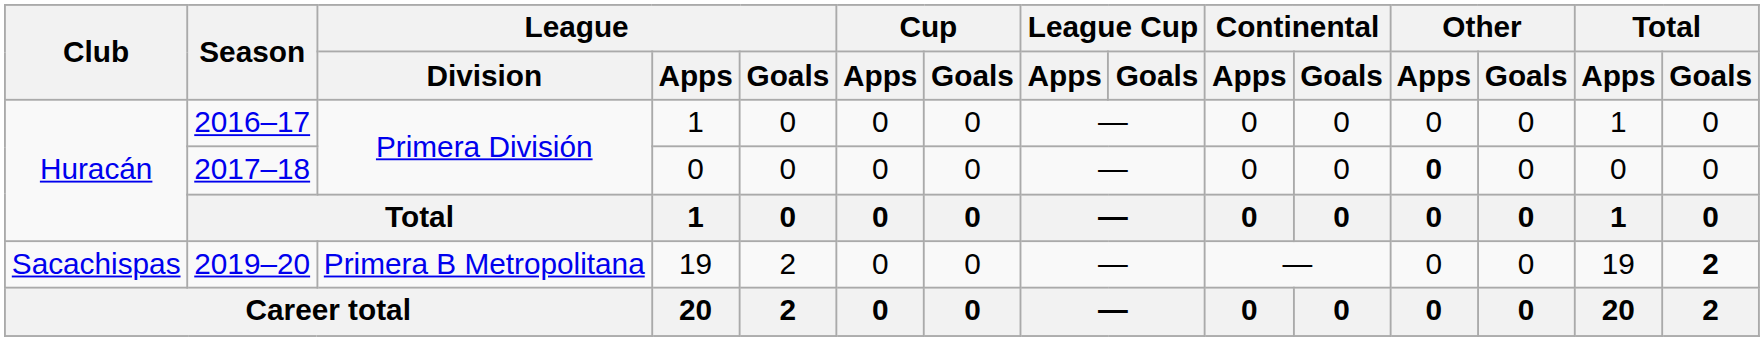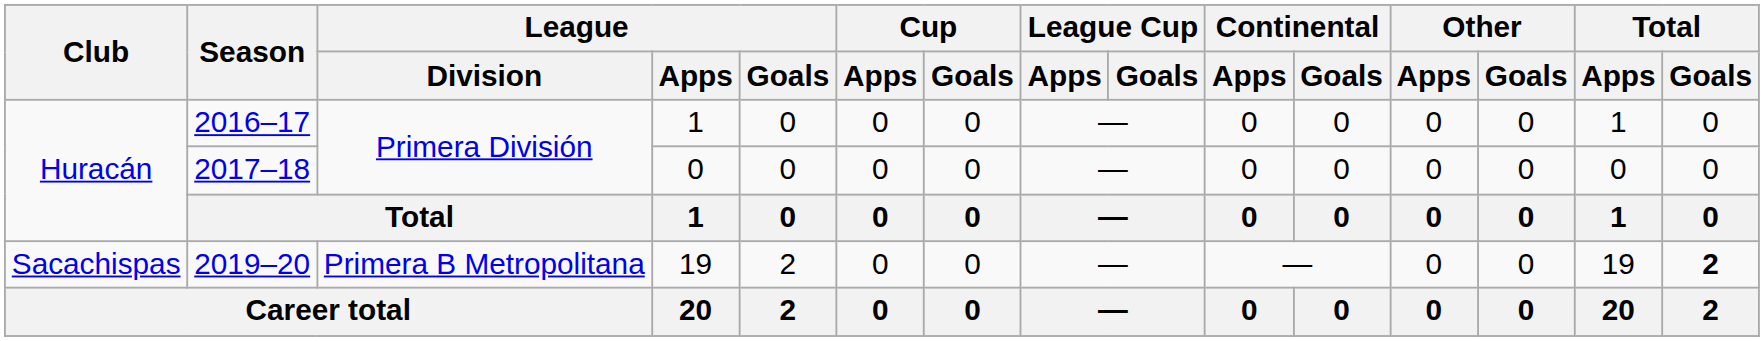 <table class="wikitable" style="text-align:center">
 <tr>
 <th rowspan="2">Club</th>
 <th rowspan="2">Season</th>
 <th colspan="3">League</th>
 <th colspan="2">Cup</th>
 <th colspan="2">League Cup</th>
 <th colspan="2">Continental</th>
 <th colspan="2">Other</th>
 <th colspan="2">Total</th>
 </tr>
 <tr>
 <th>Division</th>
 <th>Apps</th>
 <th>Goals</th>
 <th>Apps</th>
 <th>Goals</th>
 <th>Apps</th>
 <th>Goals</th>
 <th>Apps</th>
 <th>Goals</th>
 <th>Apps</th>
 <th>Goals</th>
 <th>Apps</th>
 <th>Goals</th>
 </tr>
 <tr>
 <td rowspan="3"><a href='#'>Huracán</a></td>
 <td><a href='#'>2016–17</a></td>
 <td rowspan="2"><a href='#'>Primera División</a></td>
 <td>1</td>
 <td>0</td>
 <td>0</td>
 <td>0</td>
 <td colspan="2">—</td>
 <td>0</td>
 <td>0</td>
 <td>0</td>
 <td>0</td>
 <td>1</td>
 <td>0</td>
 </tr>
 <tr>
 <td><a href='#'>2017–18</a></td>
 <td>0</td>
 <td>0</td>
 <td>0</td>
 <td>0</td>
 <td colspan="2">—</td>
 <td>0</td>
 <td>0</td>
-<td><strong>0</strong></td>
+<td>0</td>
 <td>0</td>
 <td>0</td>
 <td>0</td>
 </tr>
 <tr>
 <th colspan="2">Total</th>
 <th>1</th>
 <th>0</th>
 <th>0</th>
 <th>0</th>
 <th colspan="2">—</th>
 <th>0</th>
 <th>0</th>
 <th>0</th>
 <th>0</th>
 <th>1</th>
 <th>0</th>
 </tr>
 <tr>
 <td rowspan="1"><a href='#'>Sacachispas</a></td>
 <td><a href='#'>2019–20</a></td>
 <td rowspan="1"><a href='#'>Primera B Metropolitana</a></td>
 <td>19</td>
 <td>2</td>
 <td>0</td>
 <td>0</td>
 <td colspan="2">—</td>
 <td colspan="2">—</td>
 <td>0</td>
 <td>0</td>
 <td>19</td>
 <td><strong>2</strong></td>
 </tr>
 <tr>
 <th colspan="3">Career total</th>
 <th>20</th>
 <th>2</th>
 <th>0</th>
 <th>0</th>
 <th colspan="2">—</th>
 <th>0</th>
 <th>0</th>
 <th>0</th>
 <th>0</th>
 <th>20</th>
 <th>2</th>
 </tr>
 </table>
